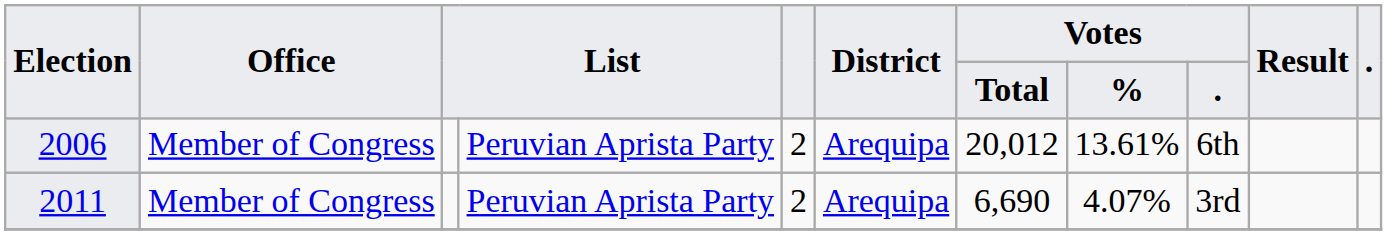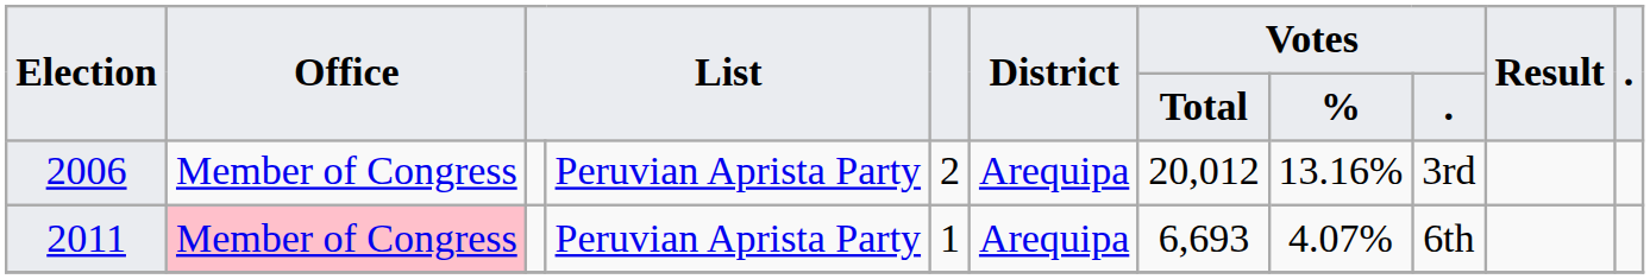 <table class="wikitable" style="font-size:90%; text-align:center;">
 <tr>
 <th style="background-color:#EAECF0;" rowspan=2>Election</th>
 <th style="background-color:#EAECF0;" rowspan=2>Office</th>
 <th style="background-color:#EAECF0;" colspan=2 rowspan=2>List</th>
 <th style="background-color:#EAECF0;" rowspan=2></th>
 <th style="background-color:#EAECF0;" rowspan=2>District</th>
 <th style="background-color:#EAECF0;" colspan=3>Votes</th>
 <th style="background-color:#EAECF0;" rowspan=2>Result</th>
 <th style="background-color:#EAECF0;" rowspan=2>.</th>
 </tr>
 <tr>
 <th style="background-color:#EAECF0;">Total</th>
 <th style="background-color:#EAECF0;">%</th>
 <th style="background-color:#EAECF0;">.</th>
 </tr>
 <tr>
 <td style="background-color:#EAECF0;"><a href='#'>2006</a></td>
 <td><a href='#'>Member of Congress</a></td>
 <td style="background-color:"></td>
 <td><a href='#'>Peruvian Aprista Party</a></td>
 <td>2</td>
 <td><a href='#'>Arequipa</a></td>
 <td>20,012</td>
-<td>13.61%</td>
-<td>6th</td>
+<td>13.16%</td>
+<td>3rd</td>
 <td></td>
 <td></td>
 </tr>
 <tr>
 <td style="background-color:#EAECF0;"><a href='#'>2011</a></td>
-<td><a href='#'>Member of Congress</a></td>
+<td style="background: pink;"><a href='#'>Member of Congress</a></td>
 <td style="background-color:"></td>
 <td><a href='#'>Peruvian Aprista Party</a></td>
-<td>2</td>
+<td>1</td>
 <td><a href='#'>Arequipa</a></td>
-<td>6,690</td>
+<td>6,693</td>
 <td>4.07%</td>
-<td>3rd</td>
+<td>6th</td>
 <td></td>
 <td></td>
 </tr>
 <tr>
 </tr>
 </table>
